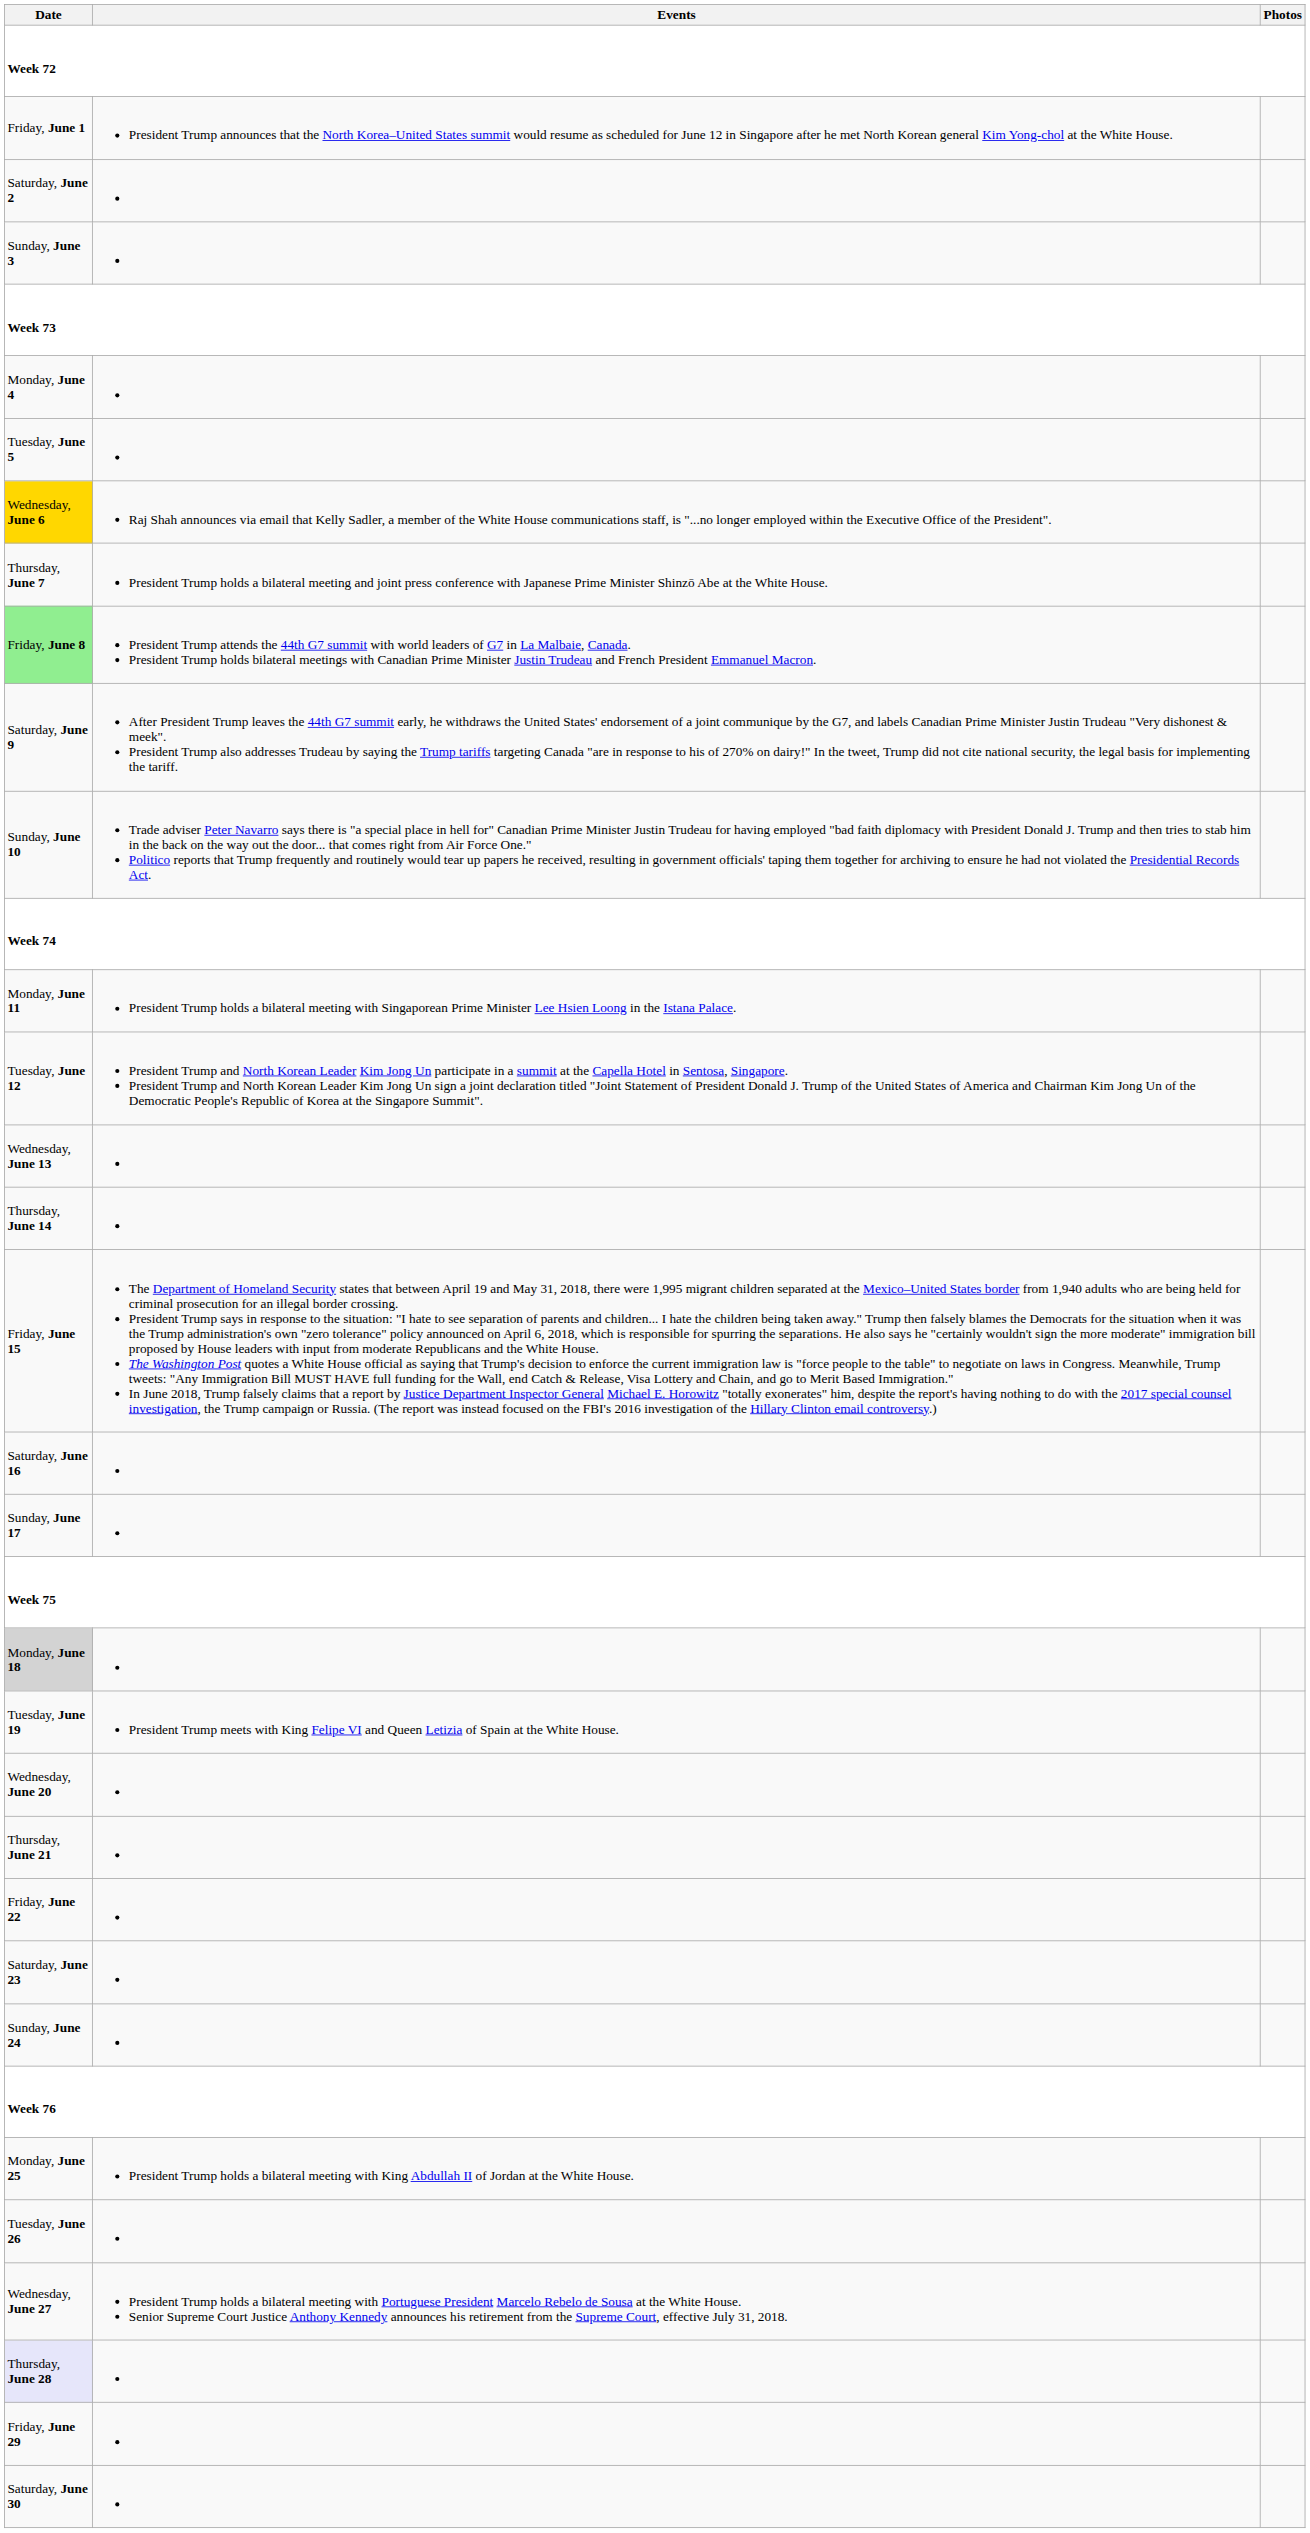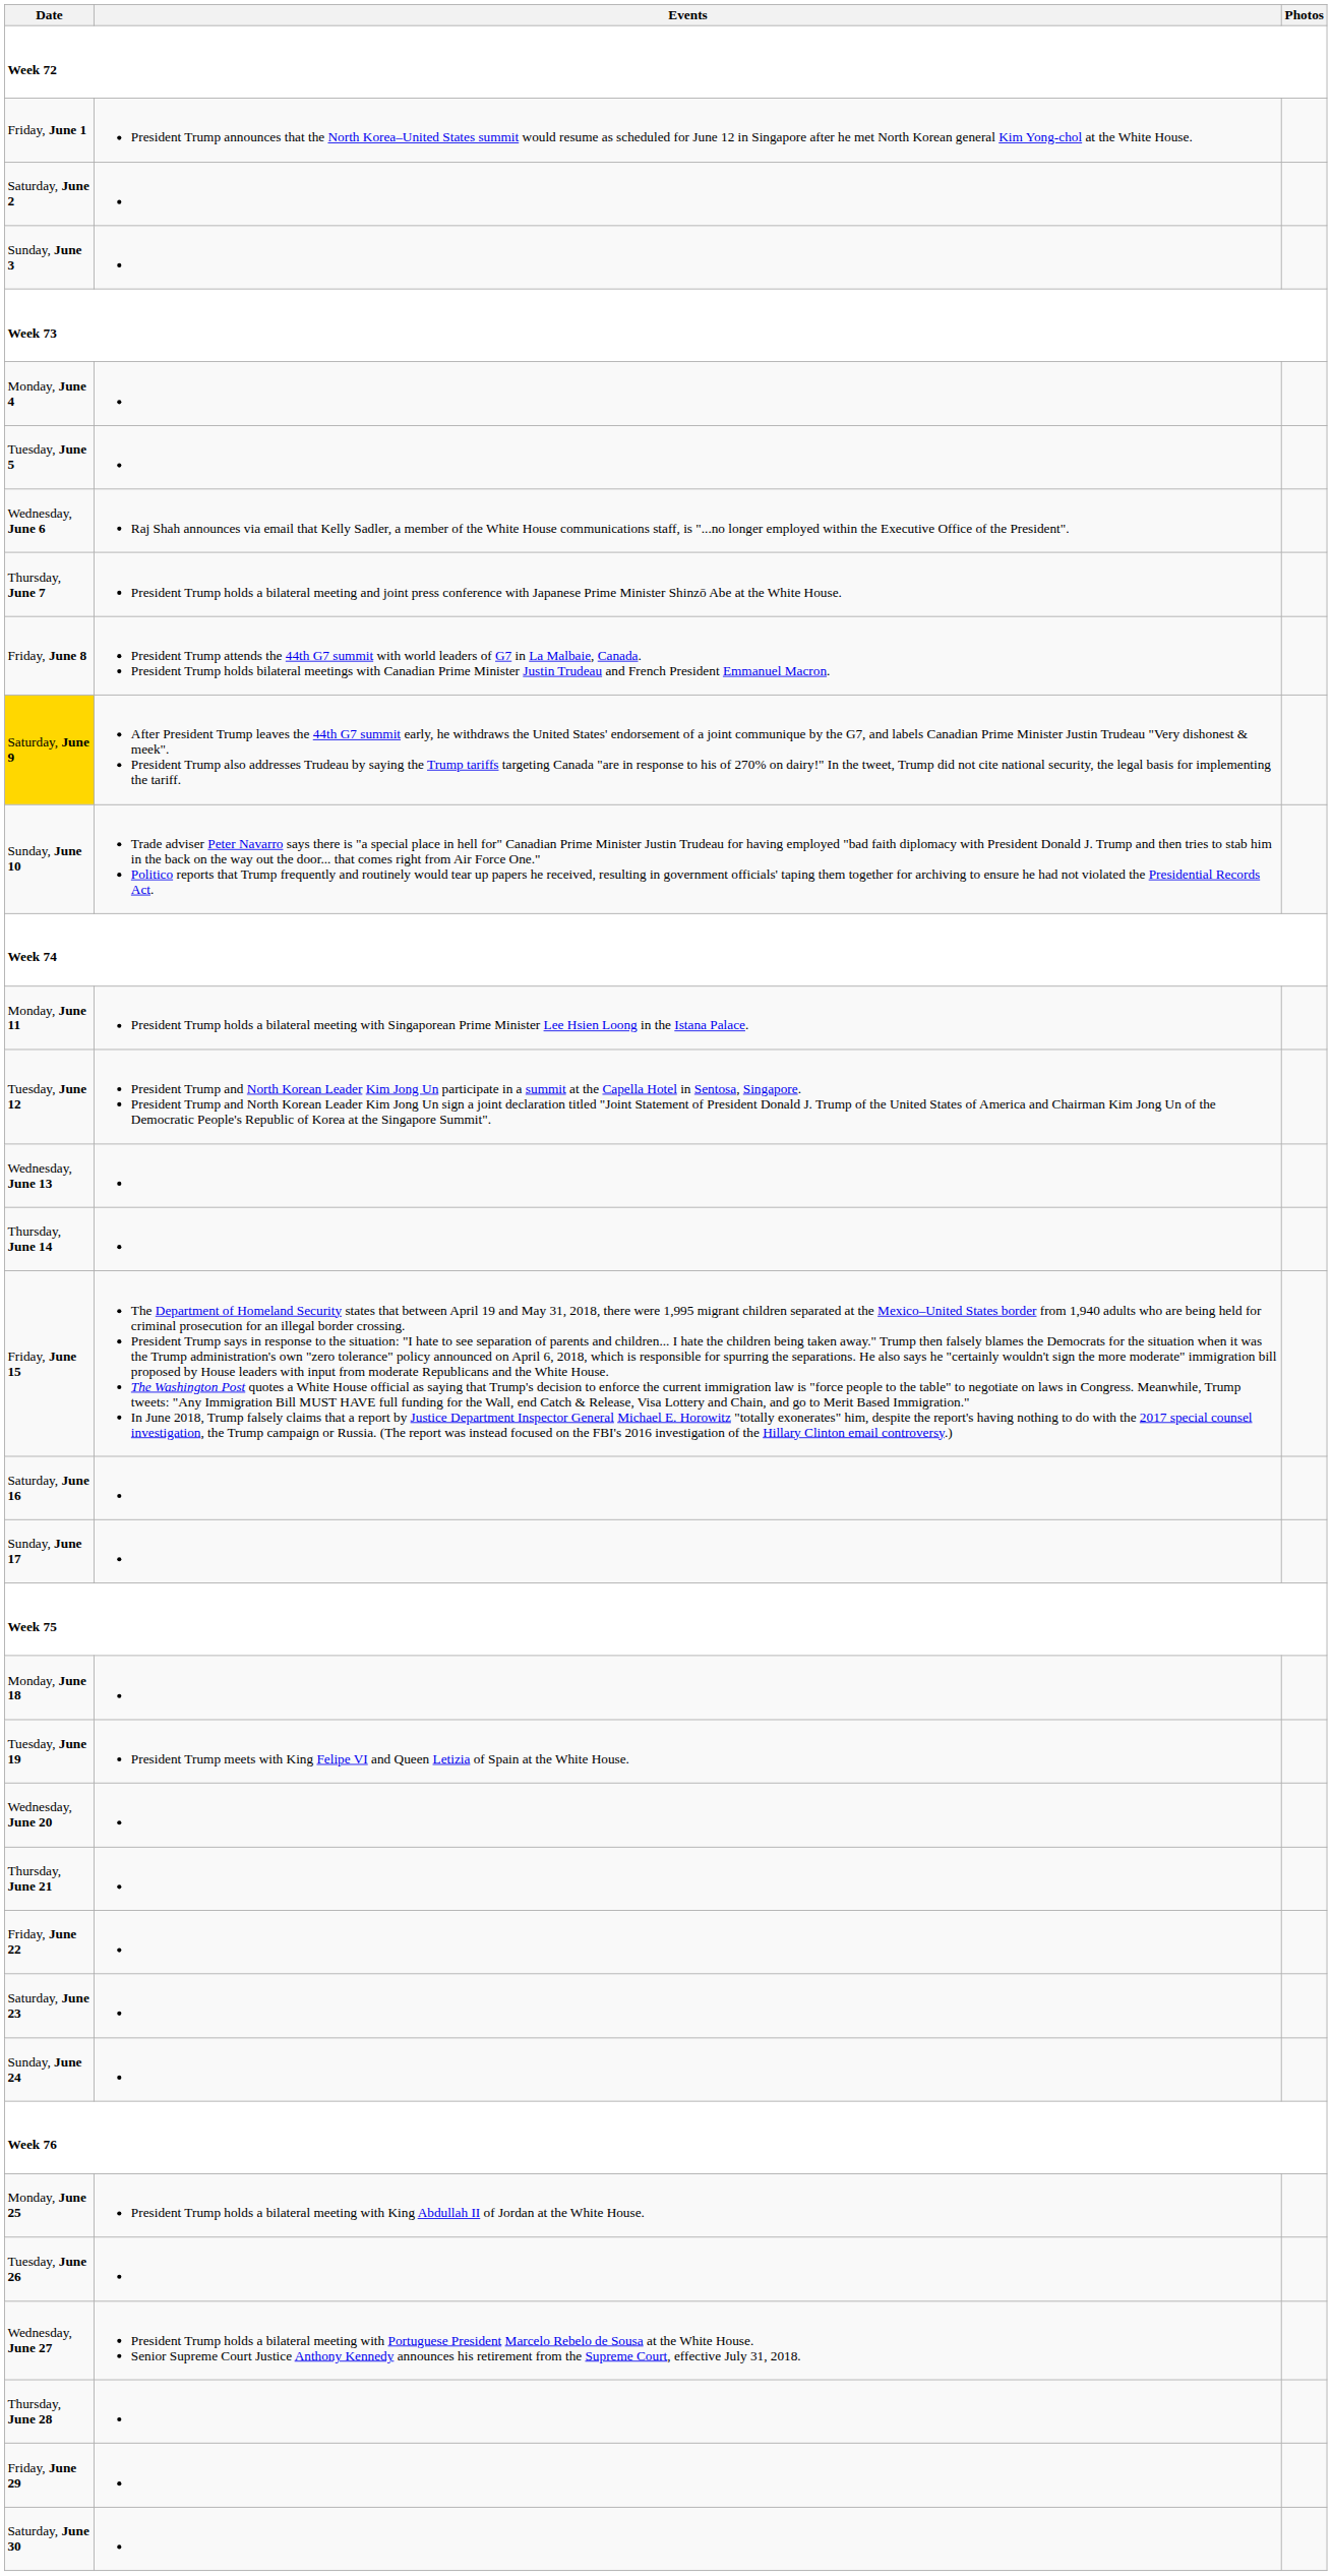 <table class="wikitable">
 <tr>
 <th>Date</th>
 <th>Events</th>
 <th>Photos</th>
 </tr>
 <tr style="background:white;">
 <td colspan="3"><br><h4>Week 72</h4></td>
 </tr>
 <tr>
 <td>Friday, <strong>June 1</strong></td>
 <td><br><ul><li>President Trump announces that the <a href='#'>North Korea–United States summit</a> would resume as scheduled for June 12 in Singapore after he met North Korean general <a href='#'>Kim Yong-chol</a> at the White House.</li></ul></td>
 <td></td>
 </tr>
 <tr>
 <td>Saturday, <strong>June 2</strong></td>
 <td><br><ul><li></li></ul></td>
 <td></td>
 </tr>
 <tr>
 <td>Sunday, <strong>June 3</strong></td>
 <td><br><ul><li></li></ul></td>
 <td></td>
 </tr>
 <tr style="background:white;">
 <td colspan="3"><br><h4>Week 73</h4></td>
 </tr>
 <tr>
 <td>Monday, <strong>June 4</strong></td>
 <td><br><ul><li></li></ul></td>
 <td></td>
 </tr>
 <tr>
 <td>Tuesday, <strong>June 5</strong></td>
 <td><br><ul><li></li></ul></td>
 <td></td>
 </tr>
 <tr>
-<td style="background: gold;">Wednesday, <strong>June 6</strong></td>
+<td>Wednesday, <strong>June 6</strong></td>
 <td><br><ul><li>Raj Shah announces via email that Kelly Sadler, a member of the White House communications staff, is "...no longer employed within the Executive Office of the President".</li></ul></td>
 <td></td>
 </tr>
 <tr>
 <td>Thursday, <strong>June 7</strong></td>
 <td><br><ul><li>President Trump holds a bilateral meeting and joint press conference with Japanese Prime Minister Shinzō Abe at the White House.</li></ul></td>
 <td></td>
 </tr>
 <tr>
-<td style="background: lightgreen;">Friday, <strong>June 8</strong></td>
+<td>Friday, <strong>June 8</strong></td>
 <td><br><ul><li>President Trump attends the <a href='#'>44th G7 summit</a> with world leaders of <a href='#'>G7</a> in <a href='#'>La Malbaie</a>, <a href='#'>Canada</a>.</li><li>President Trump holds bilateral meetings with Canadian Prime Minister <a href='#'>Justin Trudeau</a> and French President <a href='#'>Emmanuel Macron</a>.</li></ul></td>
 <td></td>
 </tr>
 <tr>
-<td>Saturday, <strong>June 9</strong></td>
+<td style="background: gold;">Saturday, <strong>June 9</strong></td>
 <td><br><ul><li>After President Trump leaves the <a href='#'>44th G7 summit</a> early, he withdraws the United States' endorsement of a joint communique by the G7, and labels Canadian Prime Minister Justin Trudeau "Very dishonest & meek".</li><li>President Trump also addresses Trudeau by saying the <a href='#'>Trump tariffs</a> targeting Canada "are in response to his of 270% on dairy!" In the tweet, Trump did not cite national security, the legal basis for implementing the tariff.</li></ul></td>
 <td></td>
 </tr>
 <tr>
 <td>Sunday, <strong>June 10</strong></td>
 <td><br><ul><li>Trade adviser <a href='#'>Peter Navarro</a> says there is "a special place in hell for" Canadian Prime Minister Justin Trudeau for having employed "bad faith diplomacy with President Donald J. Trump and then tries to stab him in the back on the way out the door... that comes right from Air Force One."</li><li><a href='#'>Politico</a> reports that Trump frequently and routinely would tear up papers he received, resulting in government officials' taping them together for archiving to ensure he had not violated the <a href='#'>Presidential Records Act</a>.</li></ul></td>
 <td></td>
 </tr>
 <tr style="background:white;">
 <td colspan="3"><br><h4>Week 74</h4></td>
 </tr>
 <tr>
 <td>Monday, <strong>June 11</strong></td>
 <td><br><ul><li>President Trump holds a bilateral meeting with Singaporean Prime Minister <a href='#'>Lee Hsien Loong</a> in the <a href='#'>Istana Palace</a>.</li></ul></td>
 <td></td>
 </tr>
 <tr>
 <td>Tuesday, <strong>June 12</strong></td>
 <td><br><ul><li>President Trump and <a href='#'>North Korean Leader</a> <a href='#'>Kim Jong Un</a> participate in a <a href='#'>summit</a> at the <a href='#'>Capella Hotel</a> in <a href='#'>Sentosa</a>, <a href='#'>Singapore</a>.</li><li>President Trump and North Korean Leader Kim Jong Un sign a joint declaration titled "Joint Statement of President Donald J. Trump of the United States of America and Chairman Kim Jong Un of the Democratic People's Republic of Korea at the Singapore Summit".</li></ul></td>
 <td><br></td>
 </tr>
 <tr>
 <td>Wednesday, <strong>June 13</strong></td>
 <td><br><ul><li></li></ul></td>
 <td></td>
 </tr>
 <tr>
 <td>Thursday, <strong>June 14</strong></td>
 <td><br><ul><li></li></ul></td>
 <td></td>
 </tr>
 <tr>
 <td>Friday, <strong>June 15</strong></td>
 <td><br><ul><li>The <a href='#'>Department of Homeland Security</a> states that between April 19 and May 31, 2018, there were 1,995 migrant children separated at the <a href='#'>Mexico–United States border</a> from 1,940 adults who are being held for criminal prosecution for an illegal border crossing.</li><li>President Trump says in response to the situation: "I hate to see separation of parents and children... I hate the children being taken away." Trump then falsely blames the Democrats for the situation when it was the Trump administration's own "zero tolerance" policy announced on April 6, 2018, which is responsible for spurring the separations. He also says he "certainly wouldn't sign the more moderate" immigration bill proposed by House leaders with input from moderate Republicans and the White House.</li><li><em><a href='#'>The Washington Post</a></em> quotes a White House official as saying that Trump's decision to enforce the current immigration law is "force people to the table" to negotiate on laws in Congress. Meanwhile, Trump tweets: "Any Immigration Bill MUST HAVE full funding for the Wall, end Catch & Release, Visa Lottery and Chain, and go to Merit Based Immigration."</li><li>In June 2018, Trump falsely claims that a report by <a href='#'>Justice Department Inspector General</a> <a href='#'>Michael E. Horowitz</a> "totally exonerates" him, despite the report's having nothing to do with the <a href='#'>2017 special counsel investigation</a>, the Trump campaign or Russia. (The report was instead focused on the FBI's 2016 investigation of the <a href='#'>Hillary Clinton email controversy</a>.)</li></ul></td>
 <td></td>
 </tr>
 <tr>
 <td>Saturday, <strong>June 16</strong></td>
 <td><br><ul><li></li></ul></td>
 <td></td>
 </tr>
 <tr>
 <td>Sunday, <strong>June 17</strong></td>
 <td><br><ul><li></li></ul></td>
 <td></td>
 </tr>
 <tr style="background:white;">
 <td colspan="3"><br><h4>Week 75</h4></td>
 </tr>
 <tr>
-<td style="background: lightgrey;">Monday, <strong>June 18</strong></td>
+<td>Monday, <strong>June 18</strong></td>
 <td><br><ul><li></li></ul></td>
 <td></td>
 </tr>
 <tr>
 <td>Tuesday, <strong>June 19</strong></td>
 <td><br><ul><li>President Trump meets with King <a href='#'>Felipe VI</a> and Queen <a href='#'>Letizia</a> of Spain at the White House.</li></ul></td>
 <td></td>
 </tr>
 <tr>
 <td>Wednesday, <strong>June 20</strong></td>
 <td><br><ul><li></li></ul></td>
 <td></td>
 </tr>
 <tr>
 <td>Thursday, <strong>June 21</strong></td>
 <td><br><ul><li></li></ul></td>
 <td></td>
 </tr>
 <tr>
 <td>Friday, <strong>June 22</strong></td>
 <td><br><ul><li></li></ul></td>
 <td></td>
 </tr>
 <tr>
 <td>Saturday, <strong>June 23</strong></td>
 <td><br><ul><li></li></ul></td>
 <td></td>
 </tr>
 <tr>
 <td>Sunday, <strong>June 24</strong></td>
 <td><br><ul><li></li></ul></td>
 <td></td>
 </tr>
 <tr style="background:white;">
 <td colspan="3"><br><h4>Week 76</h4></td>
 </tr>
 <tr>
 <td>Monday, <strong>June 25</strong></td>
 <td><br><ul><li>President Trump holds a bilateral meeting with King <a href='#'>Abdullah II</a> of Jordan at the White House.</li></ul></td>
 <td></td>
 </tr>
 <tr>
 <td>Tuesday, <strong>June 26</strong></td>
 <td><br><ul><li></li></ul></td>
 <td></td>
 </tr>
 <tr>
 <td>Wednesday, <strong>June 27</strong></td>
 <td><br><ul><li>President Trump holds a bilateral meeting with <a href='#'>Portuguese President</a> <a href='#'>Marcelo Rebelo de Sousa</a> at the White House.</li><li>Senior Supreme Court Justice <a href='#'>Anthony Kennedy</a> announces his retirement from the <a href='#'>Supreme Court</a>, effective July 31, 2018.</li></ul></td>
 <td></td>
 </tr>
 <tr>
-<td style="background: lavender;">Thursday, <strong>June 28</strong></td>
+<td>Thursday, <strong>June 28</strong></td>
 <td><br><ul><li></li></ul></td>
 <td></td>
 </tr>
 <tr>
 <td>Friday, <strong>June 29</strong></td>
 <td><br><ul><li></li></ul></td>
 <td></td>
 </tr>
 <tr>
 <td>Saturday, <strong>June 30</strong></td>
 <td><br><ul><li></li></ul></td>
 <td></td>
 </tr>
 </table>
